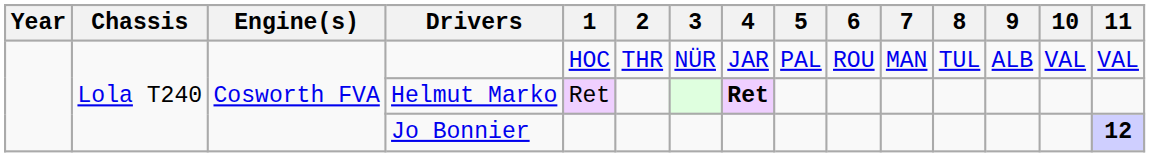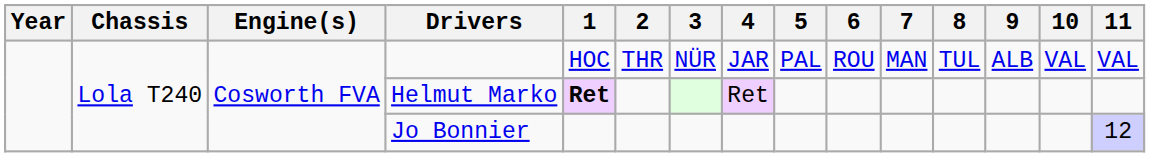 <table class="wikitable" style="text-align:center; font-size:85%">
 <tr>
 <th>Year</th>
 <th>Chassis</th>
 <th>Engine(s)</th>
 <th>Drivers</th>
 <th>1</th>
 <th>2</th>
 <th>3</th>
 <th>4</th>
 <th>5</th>
 <th>6</th>
 <th>7</th>
 <th>8</th>
 <th>9</th>
 <th>10</th>
 <th>11</th>
 </tr>
 <tr>
 <td rowspan=3></td>
 <td rowspan=3><a href='#'>Lola</a> T240</td>
 <td rowspan=3><a href='#'>Cosworth FVA</a></td>
 <td></td>
 <td><a href='#'>HOC</a></td>
 <td><a href='#'>THR</a></td>
 <td><a href='#'>NÜR</a></td>
 <td><a href='#'>JAR</a></td>
 <td><a href='#'>PAL</a></td>
 <td><a href='#'>ROU</a></td>
 <td><a href='#'>MAN</a></td>
 <td><a href='#'>TUL</a></td>
 <td><a href='#'>ALB</a></td>
 <td><a href='#'>VAL</a></td>
 <td><a href='#'>VAL</a></td>
 </tr>
 <tr>
 <td align="left"> <a href='#'>Helmut Marko</a></td>
-<td style="background:#efcfff;">Ret</td>
+<td style="background:#efcfff;"><strong>Ret</strong></td>
 <td></td>
 <td style="background:#DFFFDF;"></td>
-<td style="background:#efcfff;"><strong>Ret</strong></td>
+<td style="background:#efcfff;">Ret</td>
 <td></td>
 <td></td>
 <td></td>
 <td></td>
 <td></td>
 <td></td>
 <td></td>
 </tr>
 <tr>
 <td align="left"> <a href='#'>Jo Bonnier</a></td>
 <td></td>
 <td></td>
 <td></td>
 <td></td>
 <td></td>
 <td></td>
 <td></td>
 <td></td>
 <td></td>
 <td></td>
-<td style="background:#cfcfff;"><strong>12</strong></td>
+<td style="background:#cfcfff;">12</td>
 </tr>
 </table>
